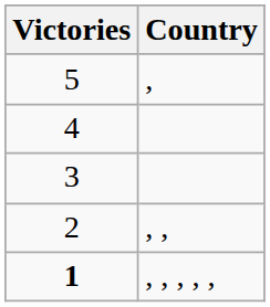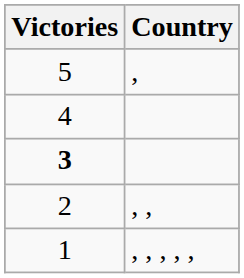 <table class="wikitable">
 <tr>
 <th>Victories</th>
 <th>Country</th>
 </tr>
 <tr>
 <td align=center>5</td>
 <td>, </td>
 </tr>
 <tr>
 <td align=center>4</td>
 <td></td>
 </tr>
 <tr>
-<td align=center>3</td>
+<td align=center><strong>3</strong></td>
 <td></td>
 </tr>
 <tr>
 <td align=center>2</td>
 <td>, , </td>
 </tr>
 <tr>
-<td align=center><strong>1</strong></td>
+<td align=center>1</td>
 <td>, , , , , </td>
 </tr>
 </table>
